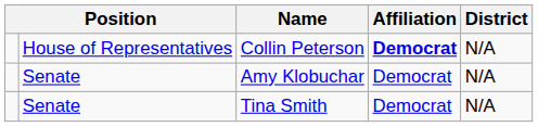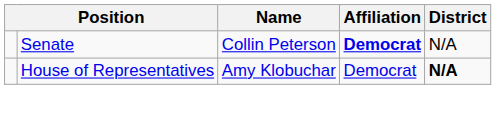 <table class="wikitable">
 <tr>
 <th colspan="2">Position</th>
 <th>Name</th>
 <th>Affiliation</th>
 <th>District</th>
 </tr>
 <tr>
 <td style="background-color:"> </td>
-<td><a href='#'>House of Representatives</a></td>
+<td><a href='#'>Senate</a></td>
 <td><a href='#'>Collin Peterson</a></td>
 <td><strong><a href='#'>Democrat</a></strong></td>
 <td>N/A</td>
 </tr>
 <tr>
 <td style="background-color:"> </td>
-<td><a href='#'>Senate</a></td>
+<td><a href='#'>House of Representatives</a></td>
 <td><a href='#'>Amy Klobuchar</a></td>
 <td><a href='#'>Democrat</a></td>
-<td>N/A</td>
-</tr>
-<tr>
-<td style="background-color:"> </td>
-<td><a href='#'>Senate</a></td>
-<td><a href='#'>Tina Smith</a></td>
-<td><a href='#'>Democrat</a></td>
-<td>N/A</td>
+<td><strong>N/A</strong></td>
 </tr>
 </table>
